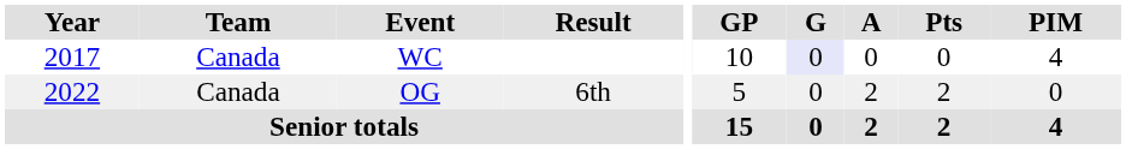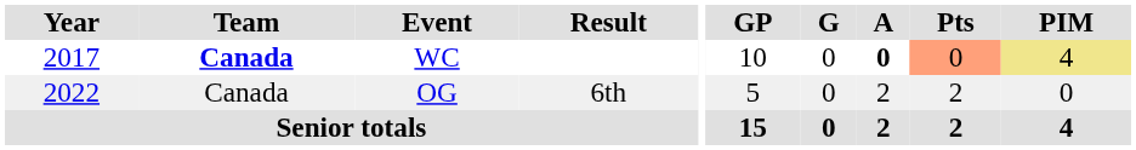 <table border="0" cellpadding="1" cellspacing="0" ID="Table3" style="text-align:center; width:40em">
 <tr ALIGN="center" bgcolor="#e0e0e0">
 <th>Year</th>
 <th>Team</th>
 <th>Event</th>
 <th>Result</th>
 <th rowspan="99" bgcolor="#ffffff"></th>
 <th>GP</th>
 <th>G</th>
 <th>A</th>
 <th>Pts</th>
 <th>PIM</th>
 </tr>
 <tr>
 <td><a href='#'>2017</a></td>
-<td><a href='#'>Canada</a></td>
+<td><strong><a href='#'>Canada</a></strong></td>
 <td><a href='#'>WC</a></td>
 <td></td>
 <td>10</td>
-<td style="background: lavender;">0</td>
 <td>0</td>
-<td>0</td>
-<td>4</td>
+<td><strong>0</strong></td>
+<td style="background: lightsalmon;">0</td>
+<td style="background: khaki;">4</td>
 </tr>
 <tr bgcolor="#f0f0f0">
 <td><a href='#'>2022</a></td>
 <td>Canada</td>
 <td><a href='#'>OG</a></td>
 <td>6th</td>
 <td>5</td>
 <td>0</td>
 <td>2</td>
 <td>2</td>
 <td>0</td>
 </tr>
 <tr bgcolor="#e0e0e0">
 <th colspan="4">Senior totals</th>
 <th>15</th>
 <th>0</th>
 <th>2</th>
 <th>2</th>
 <th>4</th>
 </tr>
 </table>
